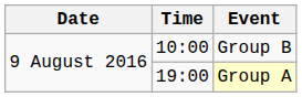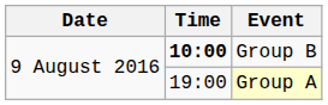 <table class = "wikitable" style="text-align:center;">
 <tr>
 <th>Date</th>
 <th>Time</th>
 <th>Event</th>
 </tr>
 <tr>
 <td rowspan=2>9 August 2016</td>
-<td>10:00</td>
+<td><strong>10:00</strong></td>
 <td>Group B</td>
 </tr>
 <tr>
 <td>19:00</td>
 <td bgcolor=ffffcc>Group A</td>
 </tr>
 </table>
